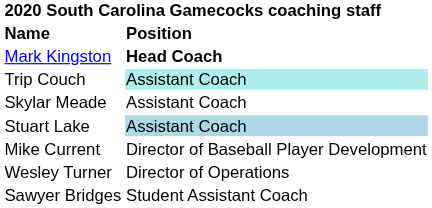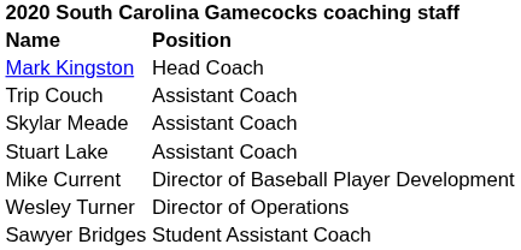 <table class="toccolours" style="text-align: left; font-size:90%;">
 <tr>
 <th colspan="9">2020 South Carolina Gamecocks coaching staff</th>
 </tr>
 <tr>
 <th>Name</th>
 <th>Position</th>
 </tr>
 <tr>
 <td><a href='#'>Mark Kingston</a></td>
-<td><strong>Head Coach</strong></td>
+<td>Head Coach</td>
 </tr>
 <tr>
 <td>Trip Couch</td>
-<td style="background: paleturquoise;">Assistant Coach</td>
+<td>Assistant Coach</td>
 </tr>
 <tr>
 <td>Skylar Meade</td>
 <td>Assistant Coach</td>
 </tr>
 <tr>
 <td>Stuart Lake</td>
-<td style="background: lightblue;">Assistant Coach</td>
+<td>Assistant Coach</td>
 </tr>
 <tr>
 <td>Mike Current</td>
 <td>Director of Baseball Player Development</td>
 </tr>
 <tr>
 <td>Wesley Turner</td>
 <td>Director of Operations</td>
 </tr>
 <tr>
 <td>Sawyer Bridges</td>
 <td>Student Assistant Coach</td>
 </tr>
 </table>
